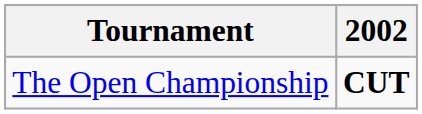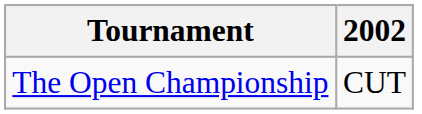 <table class="wikitable" style="font-size:95%;text-align:center;">
 <tr>
 <th>Tournament</th>
 <th>2002</th>
 </tr>
 <tr>
 <td align=left><a href='#'>The Open Championship</a></td>
-<td><strong>CUT</strong></td>
+<td>CUT</td>
 </tr>
 </table>
